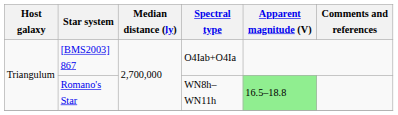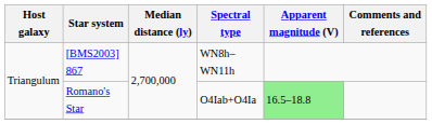 <table class="wikitable sortable" style="font-size:1.00em; line-height:1.5em; position:relative;">
 <tr>
 <th>Host galaxy</th>
 <th scope="col">Star system</th>
 <th scope="col">Median distance (<a href='#'>ly</a>)</th>
 <th scope="col"><a href='#'>Spectral type</a></th>
 <th scope="col"><a href='#'>Apparent magnitude</a> (V)</th>
 <th scope="col">Comments and references</th>
 </tr>
 <tr>
 <td rowspan="2">Triangulum</td>
 <td><a href='#'>[BMS2003] 867</a></td>
 <td rowspan="2">2,700,000</td>
-<td style="background: ">O4Iab+O4Ia</td>
+<td style="background: ">WN8h–WN11h</td>
 <td colspan="2"></td>
 </tr>
 <tr>
 <td><a href='#'>Romano's Star</a></td>
-<td style="background: ">WN8h–WN11h</td>
+<td style="background: ">O4Iab+O4Ia</td>
 <td style="background: lightgreen;">16.5–18.8</td>
 <td></td>
 </tr>
 <tr>
 </tr>
 </table>
